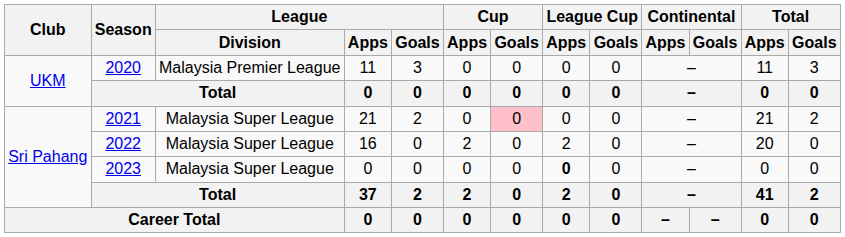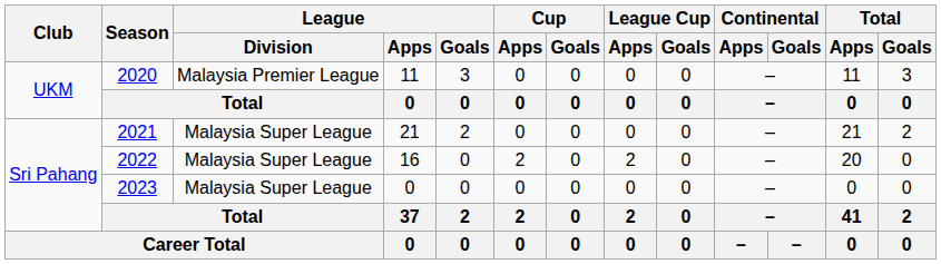 <table class=wikitable style="text-align:center">
 <tr>
 <th rowspan=2>Club</th>
 <th rowspan=2>Season</th>
 <th colspan=3>League</th>
 <th colspan=2>Cup</th>
 <th colspan=2>League Cup</th>
 <th colspan=2>Continental</th>
 <th colspan=2>Total</th>
 </tr>
 <tr>
 <th>Division</th>
 <th>Apps</th>
 <th>Goals</th>
 <th>Apps</th>
 <th>Goals</th>
 <th>Apps</th>
 <th>Goals</th>
 <th>Apps</th>
 <th>Goals</th>
 <th>Apps</th>
 <th>Goals</th>
 </tr>
 <tr>
 <td rowspan=2><a href='#'>UKM</a></td>
 <td><a href='#'>2020</a></td>
 <td>Malaysia Premier League</td>
 <td>11</td>
 <td>3</td>
 <td>0</td>
 <td>0</td>
 <td>0</td>
 <td>0</td>
 <td colspan=2>–</td>
 <td>11</td>
 <td>3</td>
 </tr>
 <tr>
 <th colspan="2">Total</th>
 <th>0</th>
 <th>0</th>
 <th>0</th>
 <th>0</th>
 <th>0</th>
 <th>0</th>
 <th colspan=2>–</th>
 <th>0</th>
 <th>0</th>
 </tr>
 <tr>
 <td rowspan=4><a href='#'>Sri Pahang</a></td>
 <td><a href='#'>2021</a></td>
 <td>Malaysia Super League</td>
 <td>21</td>
 <td>2</td>
 <td>0</td>
-<td style="background: pink;">0</td>
+<td>0</td>
 <td>0</td>
 <td>0</td>
 <td colspan=2>–</td>
 <td>21</td>
 <td>2</td>
 </tr>
 <tr>
 <td><a href='#'>2022</a></td>
 <td>Malaysia Super League</td>
 <td>16</td>
 <td>0</td>
 <td>2</td>
 <td>0</td>
 <td>2</td>
 <td>0</td>
 <td colspan=2>–</td>
 <td>20</td>
 <td>0</td>
 </tr>
 <tr>
 <td><a href='#'>2023</a></td>
 <td>Malaysia Super League</td>
 <td>0</td>
 <td>0</td>
 <td>0</td>
 <td>0</td>
-<td><strong>0</strong></td>
+<td>0</td>
 <td>0</td>
 <td colspan=2>–</td>
 <td>0</td>
 <td>0</td>
 </tr>
 <tr>
 <th colspan="2">Total</th>
 <th>37</th>
 <th>2</th>
 <th>2</th>
 <th>0</th>
 <th>2</th>
 <th>0</th>
 <th colspan=2>–</th>
 <th>41</th>
 <th>2</th>
 </tr>
 <tr>
 <th colspan="3">Career Total</th>
 <th>0</th>
 <th>0</th>
 <th>0</th>
 <th>0</th>
 <th>0</th>
 <th>0</th>
 <th>–</th>
 <th>–</th>
 <th>0</th>
 <th>0</th>
 </tr>
 </table>
